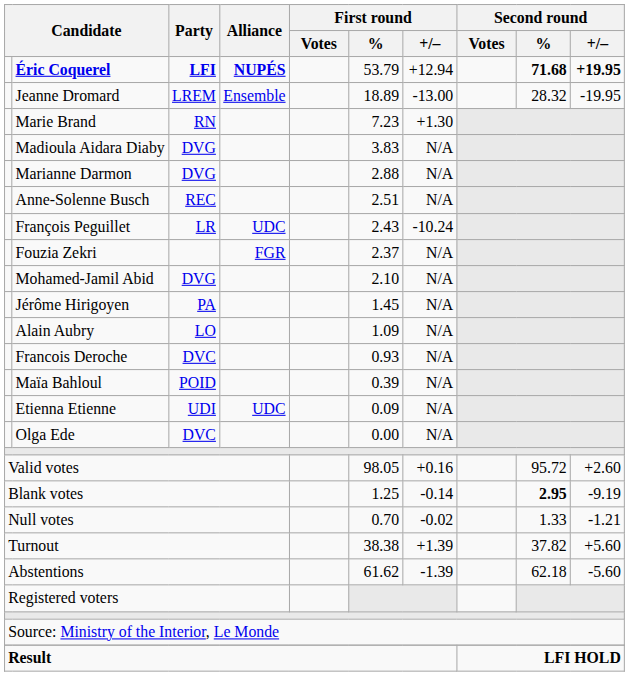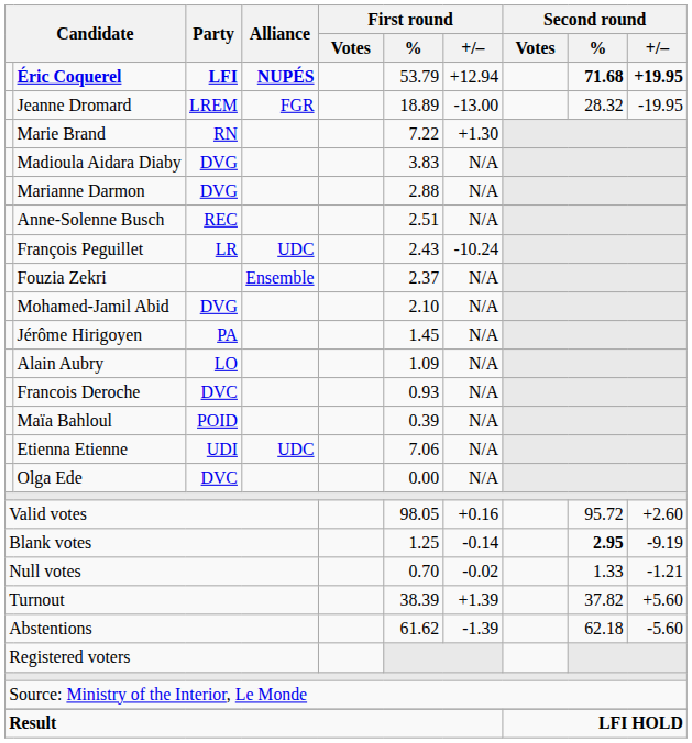 <table class="wikitable" style="text-align:right;font-size:95%;">
 <tr>
 <th rowspan="2" colspan="2">Candidate</th>
 <th rowspan="2">Party</th>
 <th rowspan="2">Alliance</th>
 <th colspan="3">First round</th>
 <th colspan="3">Second round</th>
 </tr>
 <tr>
 <th style="width:50px;">Votes</th>
 <th style="width:45px;">%</th>
 <th style="width:45px;">+/–</th>
 <th style="width:50px;">Votes</th>
 <th style="width:45px;">%</th>
 <th style="width:45px;">+/–</th>
 </tr>
 <tr>
 <td style="color:inherit;background:"></td>
 <td style="text-align:left;"><strong><a href='#'>Éric Coquerel</a></strong></td>
 <td><a href='#'><strong>LFI</strong></a> </td>
 <td><a href='#'><strong>NUPÉS</strong></a> </td>
 <td></td>
 <td>53.79</td>
 <td>+12.94</td>
 <td><strong></strong></td>
 <td><strong>71.68</strong></td>
 <td><strong>+19.95</strong></td>
 </tr>
 <tr>
 <td style="color:inherit;background:"></td>
 <td style="text-align:left;">Jeanne Dromard</td>
 <td><a href='#'>LREM</a> </td>
-<td><a href='#'>Ensemble</a> </td>
+<td><a href='#'>FGR</a></td>
 <td></td>
 <td>18.89</td>
 <td>-13.00</td>
 <td></td>
 <td>28.32</td>
 <td>-19.95</td>
 </tr>
 <tr>
 <td style="color:inherit;background:"></td>
 <td style="text-align:left;">Marie Brand</td>
 <td><a href='#'>RN</a></td>
 <td></td>
 <td></td>
-<td>7.23</td>
+<td>7.22</td>
 <td>+1.30</td>
 <td colspan="3" style="background:#E9E9E9;"></td>
 </tr>
 <tr>
 <td style="color:inherit;background:"></td>
 <td style="text-align:left;">Madioula Aidara Diaby</td>
 <td><a href='#'>DVG</a></td>
 <td></td>
 <td></td>
 <td>3.83</td>
 <td>N/A</td>
 <td colspan="3" style="background:#E9E9E9;"></td>
 </tr>
 <tr>
 <td style="color:inherit;background:"></td>
 <td style="text-align:left;">Marianne Darmon</td>
 <td><a href='#'>DVG</a></td>
 <td></td>
 <td></td>
 <td>2.88</td>
 <td>N/A</td>
 <td colspan="3" style="background:#E9E9E9;"></td>
 </tr>
 <tr>
 <td style="color:inherit;background:"></td>
 <td style="text-align:left;">Anne-Solenne Busch</td>
 <td><a href='#'>REC</a></td>
 <td></td>
 <td></td>
 <td>2.51</td>
 <td>N/A</td>
 <td colspan="3" style="background:#E9E9E9;"></td>
 </tr>
 <tr>
 <td style="color:inherit;background:"></td>
 <td style="text-align:left;">François Peguillet</td>
 <td><a href='#'>LR</a></td>
 <td><a href='#'>UDC</a></td>
 <td></td>
 <td>2.43</td>
 <td>-10.24</td>
 <td colspan="3" style="background:#E9E9E9;"></td>
 </tr>
 <tr>
 <td style="color:inherit;background:"></td>
 <td style="text-align:left;">Fouzia Zekri</td>
 <td></td>
-<td><a href='#'>FGR</a></td>
+<td><a href='#'>Ensemble</a> </td>
 <td></td>
 <td>2.37</td>
 <td>N/A</td>
 <td colspan="3" style="background:#E9E9E9;"></td>
 </tr>
 <tr>
 <td style="color:inherit;background:"></td>
 <td style="text-align:left;">Mohamed-Jamil Abid</td>
 <td><a href='#'>DVG</a></td>
 <td></td>
 <td></td>
 <td>2.10</td>
 <td>N/A</td>
 <td colspan="3" style="background:#E9E9E9;"></td>
 </tr>
 <tr>
 <td style="color:inherit;background:"></td>
 <td style="text-align:left;">Jérôme Hirigoyen</td>
 <td><a href='#'>PA</a></td>
 <td></td>
 <td></td>
 <td>1.45</td>
 <td>N/A</td>
 <td colspan="3" style="background:#E9E9E9;"></td>
 </tr>
 <tr>
 <td style="color:inherit;background:"></td>
 <td style="text-align:left;">Alain Aubry</td>
 <td><a href='#'>LO</a></td>
 <td></td>
 <td></td>
 <td>1.09</td>
 <td>N/A</td>
 <td colspan="3" style="background:#E9E9E9;"></td>
 </tr>
 <tr>
 <td style="color:inherit;background:"></td>
 <td style="text-align:left;">Francois Deroche</td>
 <td><a href='#'>DVC</a></td>
 <td></td>
 <td></td>
 <td>0.93</td>
 <td>N/A</td>
 <td colspan="3" style="background:#E9E9E9;"></td>
 </tr>
 <tr>
 <td style="color:inherit;background:"></td>
 <td style="text-align:left;">Maïa Bahloul</td>
 <td><a href='#'>POID</a></td>
 <td></td>
 <td></td>
 <td>0.39</td>
 <td>N/A</td>
 <td colspan="3" style="background:#E9E9E9;"></td>
 </tr>
 <tr>
 <td style="color:inherit;background:"></td>
 <td style="text-align:left;">Etienna Etienne</td>
 <td><a href='#'>UDI</a></td>
 <td><a href='#'>UDC</a></td>
 <td></td>
-<td>0.09</td>
+<td>7.06</td>
 <td>N/A</td>
 <td colspan="3" style="background:#E9E9E9;"></td>
 </tr>
 <tr>
 <td style="color:inherit;background:"></td>
 <td style="text-align:left;">Olga Ede</td>
 <td><a href='#'>DVC</a></td>
 <td></td>
 <td></td>
 <td>0.00</td>
 <td>N/A</td>
 <td colspan="3" style="background:#E9E9E9;"></td>
 </tr>
 <tr>
 <td colspan="10" style="background:#E9E9E9;"></td>
 </tr>
 <tr>
 <td colspan="4" style="text-align:left;">Valid votes</td>
 <td></td>
 <td>98.05</td>
 <td>+0.16</td>
 <td></td>
 <td>95.72</td>
 <td>+2.60</td>
 </tr>
 <tr>
 <td colspan="4" style="text-align:left;">Blank votes</td>
 <td></td>
 <td>1.25</td>
 <td>-0.14</td>
 <td></td>
 <td><strong>2.95</strong></td>
 <td>-9.19</td>
 </tr>
 <tr>
 <td colspan="4" style="text-align:left;">Null votes</td>
 <td></td>
 <td>0.70</td>
 <td>-0.02</td>
 <td></td>
 <td>1.33</td>
 <td>-1.21</td>
 </tr>
 <tr>
 <td colspan="4" style="text-align:left;">Turnout</td>
 <td></td>
-<td>38.38</td>
+<td>38.39</td>
 <td>+1.39</td>
 <td></td>
 <td>37.82</td>
 <td>+5.60</td>
 </tr>
 <tr>
 <td colspan="4" style="text-align:left;">Abstentions</td>
 <td></td>
 <td>61.62</td>
 <td>-1.39</td>
 <td></td>
 <td>62.18</td>
 <td>-5.60</td>
 </tr>
 <tr>
 <td colspan="4" style="text-align:left;">Registered voters</td>
 <td></td>
 <td colspan="2" style="background:#E9E9E9;"></td>
 <td></td>
 <td colspan="2" style="background:#E9E9E9;"></td>
 </tr>
 <tr>
 <td colspan="10" style="background:#E9E9E9;"></td>
 </tr>
 <tr>
 <td colspan="10" style="text-align:left;">Source: <a href='#'>Ministry of the Interior</a>, <a href='#'>Le Monde</a></td>
 </tr>
 <tr>
 </tr>
 <tr style="font-weight:bold">
 <td colspan="7" style="text-align:left;">Result</td>
 <td colspan="7" style="background-color:">LFI HOLD</td>
 </tr>
 </table>
